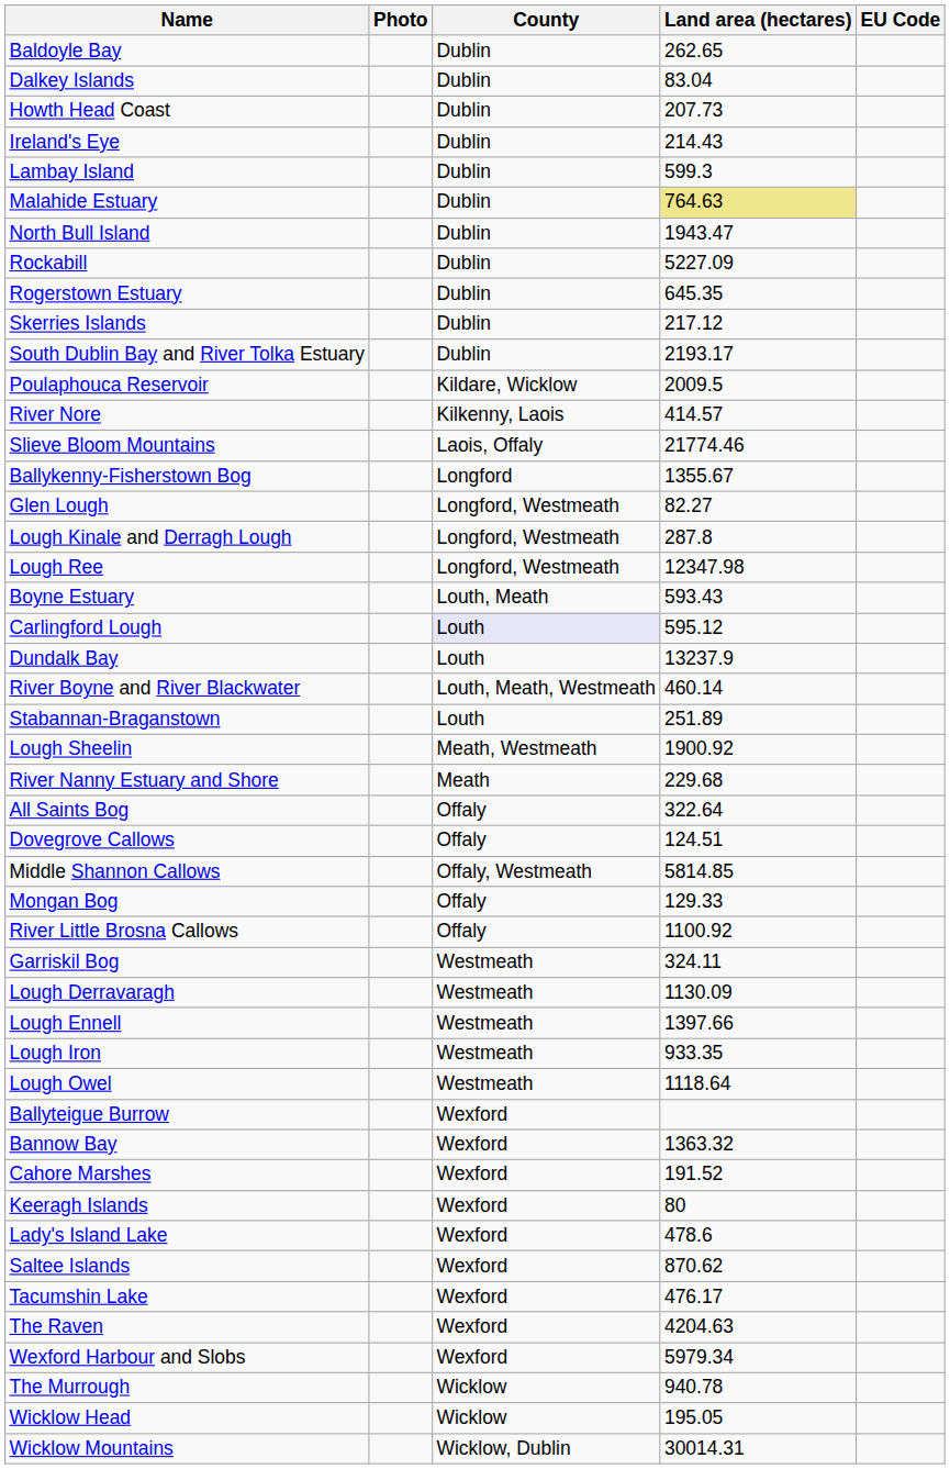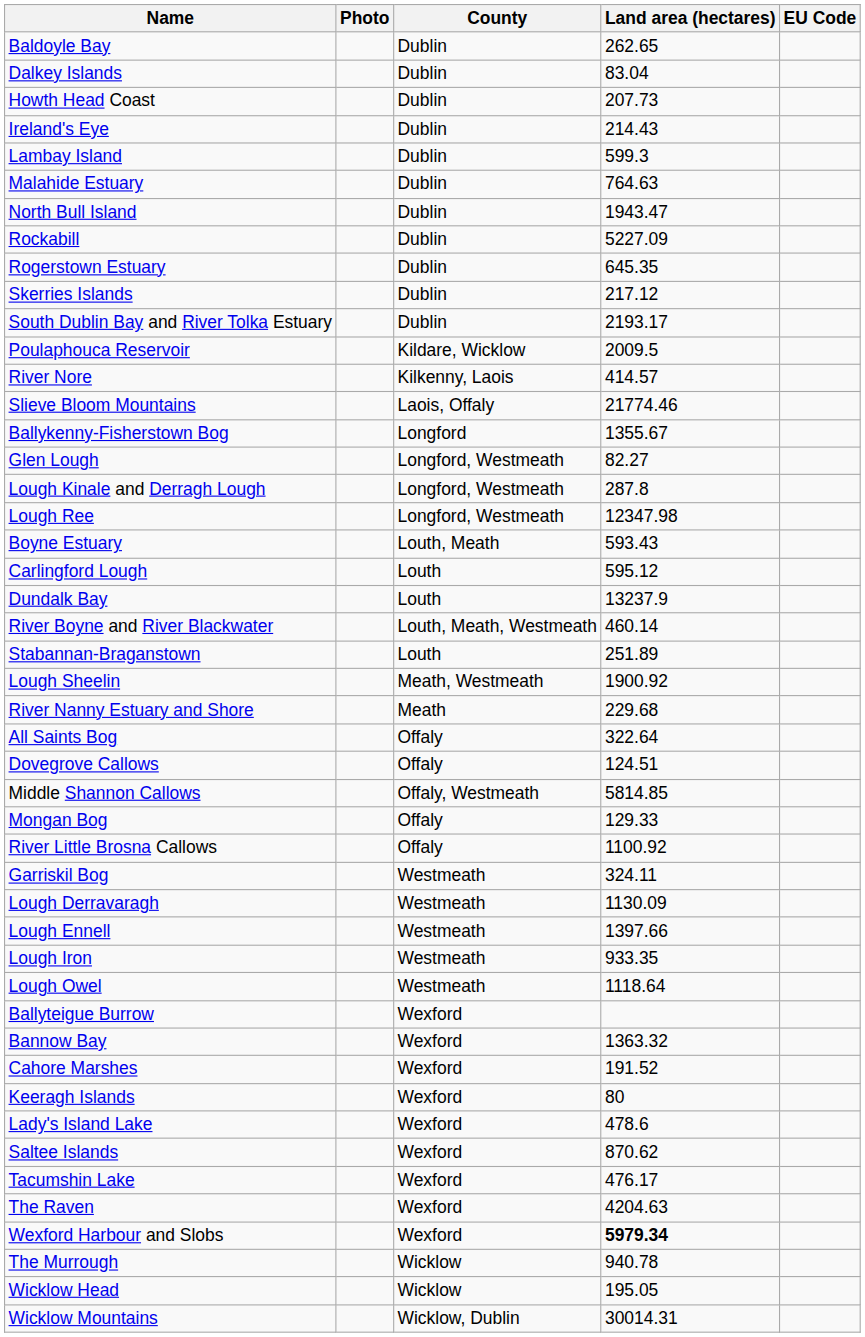 <table class="wikitable sortable">
 <tr>
 <th>Name</th>
 <th>Photo</th>
 <th>County</th>
 <th>Land area (hectares)</th>
 <th>EU Code</th>
 </tr>
 <tr>
 <td><a href='#'>Baldoyle Bay</a></td>
 <td></td>
 <td>Dublin</td>
 <td>262.65</td>
 <td></td>
 </tr>
 <tr>
 <td><a href='#'>Dalkey Islands</a></td>
 <td></td>
 <td>Dublin</td>
 <td>83.04</td>
 <td></td>
 </tr>
 <tr>
 <td><a href='#'>Howth Head</a> Coast</td>
 <td></td>
 <td>Dublin</td>
 <td>207.73</td>
 <td></td>
 </tr>
 <tr>
 <td><a href='#'>Ireland's Eye</a></td>
 <td></td>
 <td>Dublin</td>
 <td>214.43</td>
 <td></td>
 </tr>
 <tr>
 <td><a href='#'>Lambay Island</a></td>
 <td></td>
 <td>Dublin</td>
 <td>599.3</td>
 <td></td>
 </tr>
 <tr>
 <td><a href='#'>Malahide Estuary</a></td>
 <td></td>
 <td>Dublin</td>
-<td style="background: khaki;">764.63</td>
+<td>764.63</td>
 <td></td>
 </tr>
 <tr>
 <td><a href='#'>North Bull Island</a></td>
 <td></td>
 <td>Dublin</td>
 <td>1943.47</td>
 <td></td>
 </tr>
 <tr>
 <td><a href='#'>Rockabill</a></td>
 <td></td>
 <td>Dublin</td>
 <td>5227.09</td>
 <td></td>
 </tr>
 <tr>
 <td><a href='#'>Rogerstown Estuary</a></td>
 <td></td>
 <td>Dublin</td>
 <td>645.35</td>
 <td></td>
 </tr>
 <tr>
 <td><a href='#'>Skerries Islands</a></td>
 <td></td>
 <td>Dublin</td>
 <td>217.12</td>
 <td></td>
 </tr>
 <tr>
 <td><a href='#'>South Dublin Bay</a> and <a href='#'>River Tolka</a> Estuary</td>
 <td></td>
 <td>Dublin</td>
 <td>2193.17</td>
 <td></td>
 </tr>
 <tr>
 <td><a href='#'>Poulaphouca Reservoir</a></td>
 <td></td>
 <td>Kildare, Wicklow</td>
 <td>2009.5</td>
 <td></td>
 </tr>
 <tr>
 <td><a href='#'>River Nore</a></td>
 <td></td>
 <td>Kilkenny, Laois</td>
 <td>414.57</td>
 <td></td>
 </tr>
 <tr>
 <td><a href='#'>Slieve Bloom Mountains</a></td>
 <td></td>
 <td>Laois, Offaly</td>
 <td>21774.46</td>
 <td></td>
 </tr>
 <tr>
 <td><a href='#'>Ballykenny-Fisherstown Bog</a></td>
 <td></td>
 <td>Longford</td>
 <td>1355.67</td>
 <td></td>
 </tr>
 <tr>
 <td><a href='#'>Glen Lough</a></td>
 <td></td>
 <td>Longford, Westmeath</td>
 <td>82.27</td>
 <td></td>
 </tr>
 <tr>
 <td><a href='#'>Lough Kinale</a> and <a href='#'>Derragh Lough</a></td>
 <td></td>
 <td>Longford, Westmeath</td>
 <td>287.8</td>
 <td></td>
 </tr>
 <tr>
 <td><a href='#'>Lough Ree</a></td>
 <td></td>
 <td>Longford, Westmeath</td>
 <td>12347.98</td>
 <td></td>
 </tr>
 <tr>
 <td><a href='#'>Boyne Estuary</a></td>
 <td></td>
 <td>Louth, Meath</td>
 <td>593.43</td>
 <td></td>
 </tr>
 <tr>
 <td><a href='#'>Carlingford Lough</a></td>
 <td></td>
-<td style="background: lavender;">Louth</td>
+<td>Louth</td>
 <td>595.12</td>
 <td></td>
 </tr>
 <tr>
 <td><a href='#'>Dundalk Bay</a></td>
 <td></td>
 <td>Louth</td>
 <td>13237.9</td>
 <td></td>
 </tr>
 <tr>
 <td><a href='#'>River Boyne</a> and <a href='#'>River Blackwater</a></td>
 <td></td>
 <td>Louth, Meath, Westmeath</td>
 <td>460.14</td>
 <td></td>
 </tr>
 <tr>
 <td><a href='#'>Stabannan-Braganstown</a></td>
 <td></td>
 <td>Louth</td>
 <td>251.89</td>
 <td></td>
 </tr>
 <tr>
 <td><a href='#'>Lough Sheelin</a></td>
 <td></td>
 <td>Meath, Westmeath</td>
 <td>1900.92</td>
 <td></td>
 </tr>
 <tr>
 <td><a href='#'>River Nanny Estuary and Shore</a></td>
 <td></td>
 <td>Meath</td>
 <td>229.68</td>
 <td></td>
 </tr>
 <tr>
 <td><a href='#'>All Saints Bog</a></td>
 <td></td>
 <td>Offaly</td>
 <td>322.64</td>
 <td></td>
 </tr>
 <tr>
 <td><a href='#'>Dovegrove Callows</a></td>
 <td></td>
 <td>Offaly</td>
 <td>124.51</td>
 <td></td>
 </tr>
 <tr>
 <td>Middle <a href='#'>Shannon Callows</a></td>
 <td></td>
 <td>Offaly, Westmeath</td>
 <td>5814.85</td>
 <td></td>
 </tr>
 <tr>
 <td><a href='#'>Mongan Bog</a></td>
 <td></td>
 <td>Offaly</td>
 <td>129.33</td>
 <td></td>
 </tr>
 <tr>
 <td><a href='#'>River Little Brosna</a> Callows</td>
 <td></td>
 <td>Offaly</td>
 <td>1100.92</td>
 <td></td>
 </tr>
 <tr>
 <td><a href='#'>Garriskil Bog</a></td>
 <td></td>
 <td>Westmeath</td>
 <td>324.11</td>
 <td></td>
 </tr>
 <tr>
 <td><a href='#'>Lough Derravaragh</a></td>
 <td></td>
 <td>Westmeath</td>
 <td>1130.09</td>
 <td></td>
 </tr>
 <tr>
 <td><a href='#'>Lough Ennell</a></td>
 <td></td>
 <td>Westmeath</td>
 <td>1397.66</td>
 <td></td>
 </tr>
 <tr>
 <td><a href='#'>Lough Iron</a></td>
 <td></td>
 <td>Westmeath</td>
 <td>933.35</td>
 <td></td>
 </tr>
 <tr>
 <td><a href='#'>Lough Owel</a></td>
 <td></td>
 <td>Westmeath</td>
 <td>1118.64</td>
 <td></td>
 </tr>
 <tr>
 <td><a href='#'>Ballyteigue Burrow</a></td>
 <td></td>
 <td>Wexford</td>
 <td></td>
 <td></td>
 </tr>
 <tr>
 <td><a href='#'>Bannow Bay</a></td>
 <td></td>
 <td>Wexford</td>
 <td>1363.32</td>
 <td></td>
 </tr>
 <tr>
 <td><a href='#'>Cahore Marshes</a></td>
 <td></td>
 <td>Wexford</td>
 <td>191.52</td>
 <td></td>
 </tr>
 <tr>
 <td><a href='#'>Keeragh Islands</a></td>
 <td></td>
 <td>Wexford</td>
 <td>80</td>
 <td></td>
 </tr>
 <tr>
 <td><a href='#'>Lady's Island Lake</a></td>
 <td></td>
 <td>Wexford</td>
 <td>478.6</td>
 <td></td>
 </tr>
 <tr>
 <td><a href='#'>Saltee Islands</a></td>
 <td></td>
 <td>Wexford</td>
 <td>870.62</td>
 <td></td>
 </tr>
 <tr>
 <td><a href='#'>Tacumshin Lake</a></td>
 <td></td>
 <td>Wexford</td>
 <td>476.17</td>
 <td></td>
 </tr>
 <tr>
 <td><a href='#'>The Raven</a></td>
 <td></td>
 <td>Wexford</td>
 <td>4204.63</td>
 <td></td>
 </tr>
 <tr>
 <td><a href='#'>Wexford Harbour</a> and Slobs</td>
 <td></td>
 <td>Wexford</td>
-<td>5979.34</td>
+<td><strong>5979.34</strong></td>
 <td></td>
 </tr>
 <tr>
 <td><a href='#'>The Murrough</a></td>
 <td></td>
 <td>Wicklow</td>
 <td>940.78</td>
 <td></td>
 </tr>
 <tr>
 <td><a href='#'>Wicklow Head</a></td>
 <td></td>
 <td>Wicklow</td>
 <td>195.05</td>
 <td></td>
 </tr>
 <tr>
 <td><a href='#'>Wicklow Mountains</a></td>
 <td></td>
 <td>Wicklow, Dublin</td>
 <td>30014.31</td>
 <td></td>
 </tr>
 </table>
